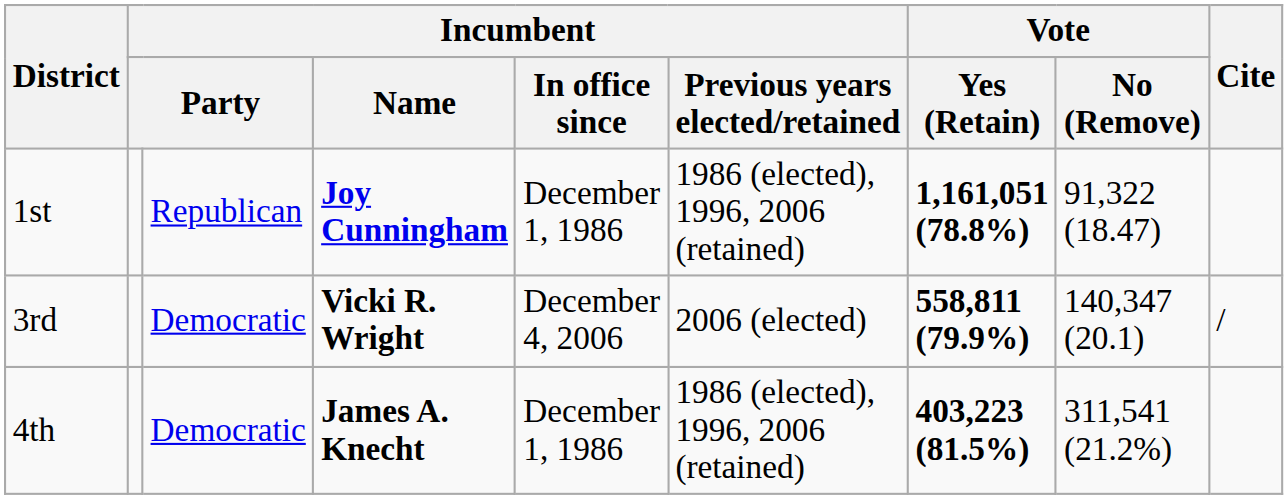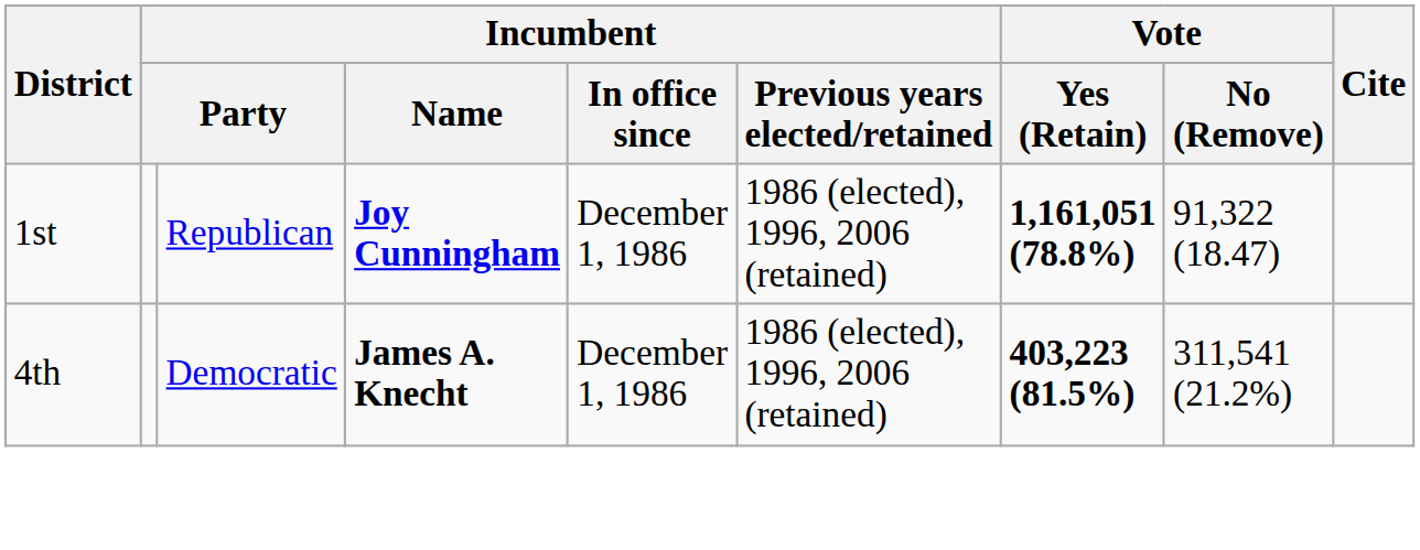 <table class="wikitable">
 <tr>
 <th rowspan =2>District</th>
 <th colspan=5>Incumbent</th>
 <th colspan="2">Vote</th>
 <th rowspan =2>Cite</th>
 </tr>
 <tr>
 <th colspan="2">Party</th>
 <th>Name</th>
 <th>In office since</th>
 <th>Previous years elected/retained</th>
 <th>Yes<br>(Retain)</th>
 <th>No<br>(Remove)</th>
 </tr>
 <tr>
 <td>1st</td>
 <td style="background-color:"></td>
 <td><a href='#'>Republican</a></td>
 <td><strong><a href='#'>Joy Cunningham</a></strong></td>
 <td>December 1, 1986</td>
 <td>1986 (elected), 1996, 2006 (retained)</td>
 <td><strong>1,161,051<br>(78.8%)</strong></td>
 <td>91,322<br>(18.47)</td>
 <td></td>
 </tr>
 <tr>
-<td>3rd</td>
-<td style="background-color:"></td>
-<td><a href='#'>Democratic</a></td>
-<td><strong>Vicki R. Wright</strong></td>
-<td>December 4, 2006</td>
-<td>2006 (elected)</td>
-<td><strong>558,811<br>(79.9%)</strong></td>
-<td>140,347<br>(20.1)</td>
-<td>/</td>
-</tr>
-<tr>
 <td>4th</td>
 <td style="background-color:"></td>
 <td><a href='#'>Democratic</a></td>
 <td><strong>James A. Knecht</strong></td>
 <td>December 1, 1986</td>
 <td>1986 (elected), 1996, 2006 (retained)</td>
 <td><strong>403,223<br>(81.5%)</strong></td>
 <td>311,541<br>(21.2%)</td>
 <td></td>
 </tr>
 </table>
